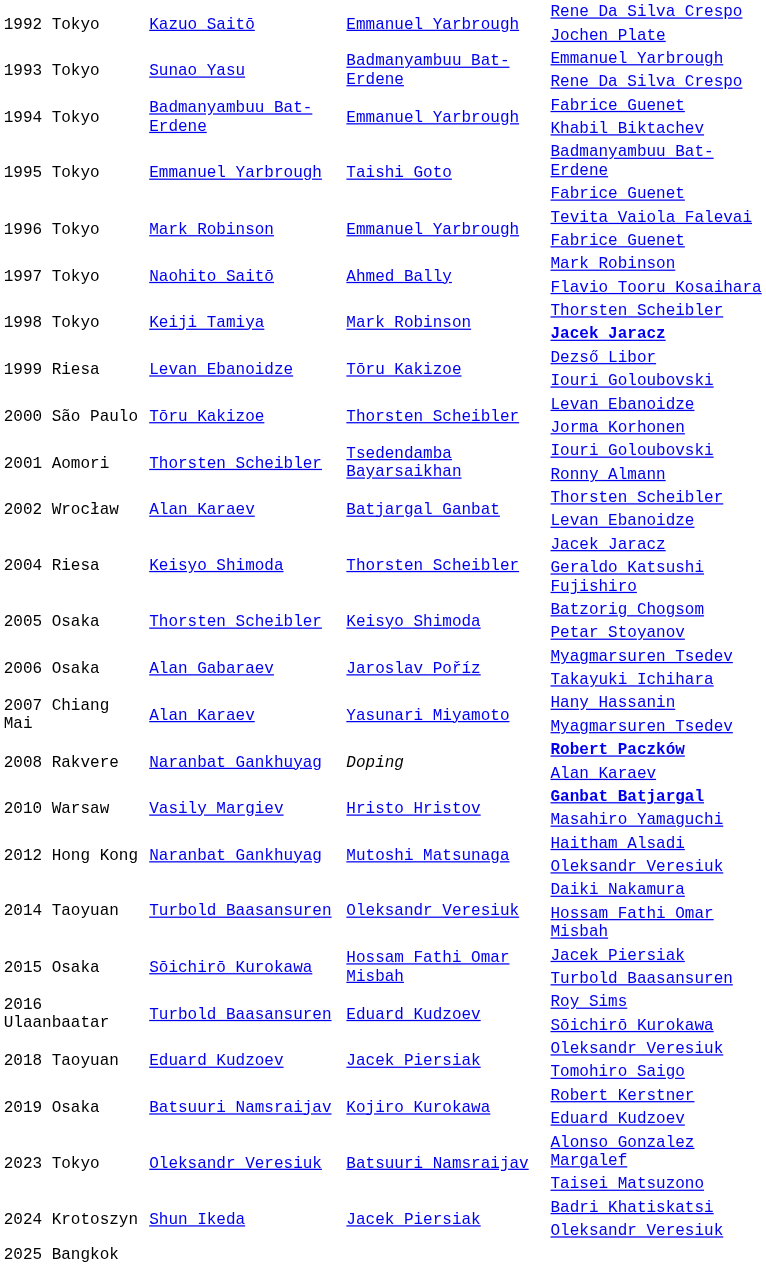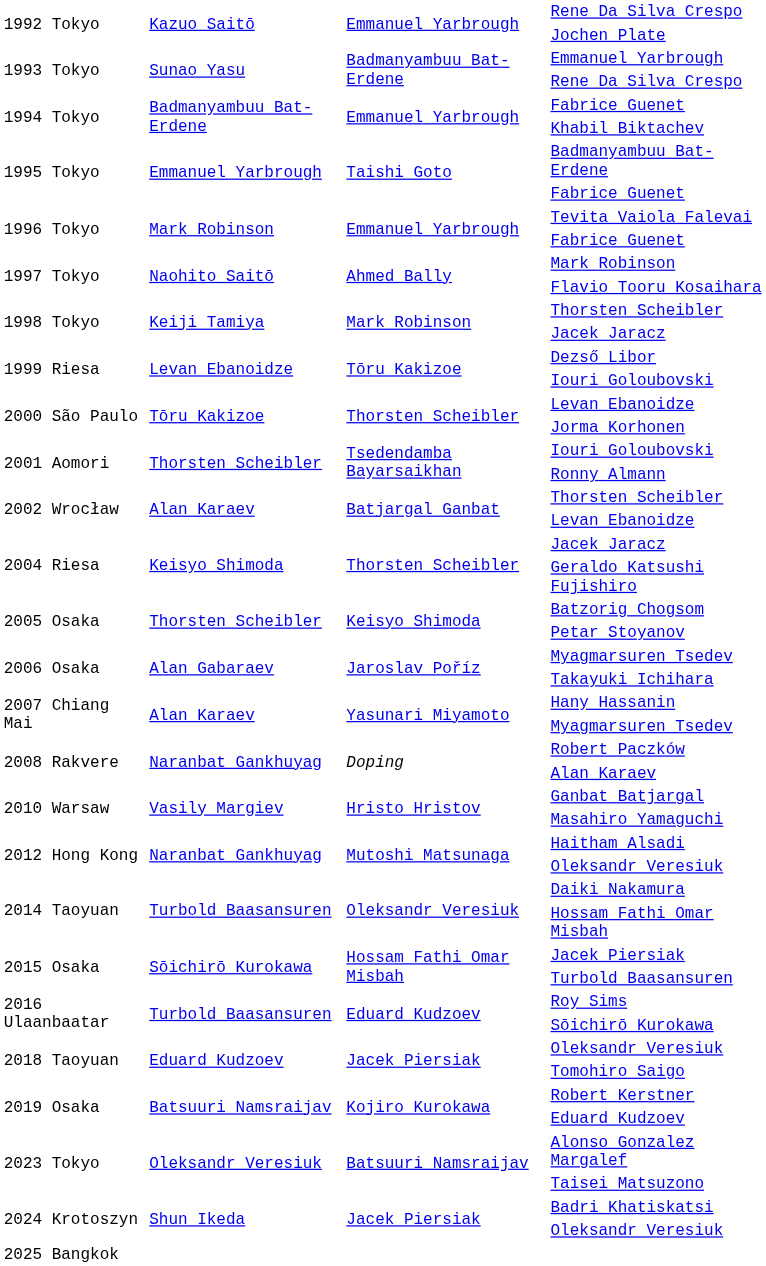 <table>
 <tr>
 <td rowspan=2>1992 Tokyo</td>
 <td rowspan=2> <a href='#'>Kazuo Saitō</a></td>
 <td rowspan=2> <a href='#'>Emmanuel Yarbrough</a></td>
 <td> <a href='#'>Rene Da Silva Crespo</a></td>
 </tr>
 <tr>
 <td> <a href='#'>Jochen Plate</a></td>
 </tr>
 <tr>
 <td rowspan=2>1993 Tokyo</td>
 <td rowspan=2> <a href='#'>Sunao Yasu</a></td>
 <td rowspan=2> <a href='#'>Badmanyambuu Bat-Erdene</a></td>
 <td> <a href='#'>Emmanuel Yarbrough</a></td>
 </tr>
 <tr>
 <td> <a href='#'>Rene Da Silva Crespo</a></td>
 </tr>
 <tr>
 <td rowspan=2>1994 Tokyo</td>
 <td rowspan=2> <a href='#'>Badmanyambuu Bat-Erdene</a></td>
 <td rowspan=2> <a href='#'>Emmanuel Yarbrough</a></td>
 <td> <a href='#'>Fabrice Guenet</a></td>
 </tr>
 <tr>
 <td> <a href='#'>Khabil Biktachev</a></td>
 </tr>
 <tr>
 <td rowspan=2>1995 Tokyo</td>
 <td rowspan=2> <a href='#'>Emmanuel Yarbrough</a></td>
 <td rowspan=2> <a href='#'>Taishi Goto</a></td>
 <td> <a href='#'>Badmanyambuu Bat-Erdene</a></td>
 </tr>
 <tr>
 <td> <a href='#'>Fabrice Guenet</a></td>
 </tr>
 <tr>
 <td rowspan=2>1996 Tokyo</td>
 <td rowspan=2> <a href='#'>Mark Robinson</a></td>
 <td rowspan=2> <a href='#'>Emmanuel Yarbrough</a></td>
 <td> <a href='#'>Tevita Vaiola Falevai</a></td>
 </tr>
 <tr>
 <td> <a href='#'>Fabrice Guenet</a></td>
 </tr>
 <tr>
 <td rowspan=2>1997 Tokyo</td>
 <td rowspan=2> <a href='#'>Naohito Saitō</a></td>
 <td rowspan=2> <a href='#'>Ahmed Bally</a></td>
 <td> <a href='#'>Mark Robinson</a></td>
 </tr>
 <tr>
 <td> <a href='#'>Flavio Tooru Kosaihara</a></td>
 </tr>
 <tr>
 <td rowspan=2>1998 Tokyo</td>
 <td rowspan=2> <a href='#'>Keiji Tamiya</a></td>
 <td rowspan=2> <a href='#'>Mark Robinson</a></td>
 <td> <a href='#'>Thorsten Scheibler</a></td>
 </tr>
 <tr>
-<td><strong> <a href='#'>Jacek Jaracz</a></strong></td>
+<td> <a href='#'>Jacek Jaracz</a></td>
 </tr>
 <tr>
 <td rowspan=2>1999 Riesa</td>
 <td rowspan=2> <a href='#'>Levan Ebanoidze</a></td>
 <td rowspan=2> <a href='#'>Tōru Kakizoe</a></td>
 <td> <a href='#'>Dezső Libor</a></td>
 </tr>
 <tr>
 <td> <a href='#'>Iouri Goloubovski</a></td>
 </tr>
 <tr>
 <td rowspan=2>2000 São Paulo</td>
 <td rowspan=2> <a href='#'>Tōru Kakizoe</a></td>
 <td rowspan=2> <a href='#'>Thorsten Scheibler</a></td>
 <td> <a href='#'>Levan Ebanoidze</a></td>
 </tr>
 <tr>
 <td> <a href='#'>Jorma Korhonen</a></td>
 </tr>
 <tr>
 <td rowspan=2>2001 Aomori</td>
 <td rowspan=2> <a href='#'>Thorsten Scheibler</a></td>
 <td rowspan=2> <a href='#'>Tsedendamba Bayarsaikhan</a></td>
 <td> <a href='#'>Iouri Goloubovski</a></td>
 </tr>
 <tr>
 <td> <a href='#'>Ronny Almann</a></td>
 </tr>
 <tr>
 <td rowspan=2>2002 Wrocław</td>
 <td rowspan=2> <a href='#'>Alan Karaev</a></td>
 <td rowspan=2> <a href='#'>Batjargal Ganbat</a></td>
 <td> <a href='#'>Thorsten Scheibler</a></td>
 </tr>
 <tr>
 <td> <a href='#'>Levan Ebanoidze</a></td>
 </tr>
 <tr>
 <td rowspan=2>2004 Riesa</td>
 <td rowspan=2> <a href='#'>Keisyo Shimoda</a></td>
 <td rowspan=2> <a href='#'>Thorsten Scheibler</a></td>
 <td> <a href='#'>Jacek Jaracz</a></td>
 </tr>
 <tr>
 <td> <a href='#'>Geraldo Katsushi Fujishiro</a></td>
 </tr>
 <tr>
 <td rowspan=2>2005 Osaka</td>
 <td rowspan=2> <a href='#'>Thorsten Scheibler</a></td>
 <td rowspan=2> <a href='#'>Keisyo Shimoda</a></td>
 <td> <a href='#'>Batzorig Chogsom</a></td>
 </tr>
 <tr>
 <td> <a href='#'>Petar Stoyanov</a></td>
 </tr>
 <tr>
 <td rowspan=2>2006 Osaka</td>
 <td rowspan=2> <a href='#'>Alan Gabaraev</a></td>
 <td rowspan=2> <a href='#'>Jaroslav Poříz</a></td>
 <td> <a href='#'>Myagmarsuren Tsedev</a></td>
 </tr>
 <tr>
 <td> <a href='#'>Takayuki Ichihara</a></td>
 </tr>
 <tr>
 <td rowspan=2>2007 Chiang Mai</td>
 <td rowspan=2> <a href='#'>Alan Karaev</a></td>
 <td rowspan=2> <a href='#'>Yasunari Miyamoto</a></td>
 <td> <a href='#'>Hany Hassanin</a></td>
 </tr>
 <tr>
 <td> <a href='#'>Myagmarsuren Tsedev</a></td>
 </tr>
 <tr>
 <td rowspan=2>2008 Rakvere</td>
 <td rowspan=2> <a href='#'>Naranbat Gankhuyag</a></td>
 <td rowspan=2><em>Doping</em></td>
-<td><strong> <a href='#'>Robert Paczków</a></strong></td>
+<td> <a href='#'>Robert Paczków</a></td>
 </tr>
 <tr>
 <td> <a href='#'>Alan Karaev</a></td>
 </tr>
 <tr>
 <td rowspan=2>2010 Warsaw</td>
 <td rowspan=2> <a href='#'>Vasily Margiev</a></td>
 <td rowspan=2> <a href='#'>Hristo Hristov</a></td>
-<td><strong> <a href='#'>Ganbat Batjargal</a></strong></td>
+<td> <a href='#'>Ganbat Batjargal</a></td>
 </tr>
 <tr>
 <td> <a href='#'>Masahiro Yamaguchi</a></td>
 </tr>
 <tr>
 <td rowspan=2>2012 Hong Kong</td>
 <td rowspan=2> <a href='#'>Naranbat Gankhuyag</a></td>
 <td rowspan=2> <a href='#'>Mutoshi Matsunaga</a></td>
 <td> <a href='#'>Haitham Alsadi</a></td>
 </tr>
 <tr>
 <td> <a href='#'>Oleksandr Veresiuk</a></td>
 </tr>
 <tr>
 <td rowspan=2>2014 Taoyuan</td>
 <td rowspan=2> <a href='#'>Turbold Baasansuren</a></td>
 <td rowspan=2> <a href='#'>Oleksandr Veresiuk</a></td>
 <td> <a href='#'>Daiki Nakamura</a></td>
 </tr>
 <tr>
 <td> <a href='#'>Hossam Fathi Omar Misbah</a></td>
 </tr>
 <tr>
 <td rowspan=2>2015 Osaka</td>
 <td rowspan=2> <a href='#'>Sōichirō Kurokawa</a></td>
 <td rowspan=2> <a href='#'>Hossam Fathi Omar Misbah</a></td>
 <td> <a href='#'>Jacek Piersiak</a></td>
 </tr>
 <tr>
 <td> <a href='#'>Turbold Baasansuren</a></td>
 </tr>
 <tr>
 <td rowspan=2>2016 Ulaanbaatar</td>
 <td rowspan=2> <a href='#'>Turbold Baasansuren</a></td>
 <td rowspan=2> <a href='#'>Eduard Kudzoev</a></td>
 <td> <a href='#'>Roy Sims</a></td>
 </tr>
 <tr>
 <td> <a href='#'>Sōichirō Kurokawa</a></td>
 </tr>
 <tr>
 <td rowspan=2>2018 Taoyuan</td>
 <td rowspan=2> <a href='#'>Eduard Kudzoev</a></td>
 <td rowspan=2> <a href='#'>Jacek Piersiak</a></td>
 <td> <a href='#'>Oleksandr Veresiuk</a></td>
 </tr>
 <tr>
 <td> <a href='#'>Tomohiro Saigo</a></td>
 </tr>
 <tr>
 <td rowspan=2>2019 Osaka</td>
 <td rowspan=2> <a href='#'>Batsuuri Namsraijav</a></td>
 <td rowspan=2> <a href='#'>Kojiro Kurokawa</a></td>
 <td> <a href='#'>Robert Kerstner</a></td>
 </tr>
 <tr>
 <td> <a href='#'>Eduard Kudzoev</a></td>
 </tr>
 <tr>
 <td rowspan=2>2023 Tokyo</td>
 <td rowspan=2> <a href='#'>Oleksandr Veresiuk</a></td>
 <td rowspan=2> <a href='#'>Batsuuri Namsraijav</a></td>
 <td> <a href='#'>Alonso Gonzalez Margalef</a></td>
 </tr>
 <tr>
 <td> <a href='#'>Taisei Matsuzono</a></td>
 </tr>
 <tr>
 <td rowspan=2>2024 Krotoszyn</td>
 <td rowspan=2> <a href='#'>Shun Ikeda</a></td>
 <td rowspan=2> <a href='#'>Jacek Piersiak</a></td>
 <td> <a href='#'>Badri Khatiskatsi</a></td>
 </tr>
 <tr>
 <td> <a href='#'>Oleksandr Veresiuk</a></td>
 </tr>
 <tr>
 <td rowspan=2>2025 Bangkok</td>
 <td rowspan=2></td>
 <td rowspan=2></td>
 <td></td>
 </tr>
 <tr>
 <td></td>
 </tr>
 </table>
